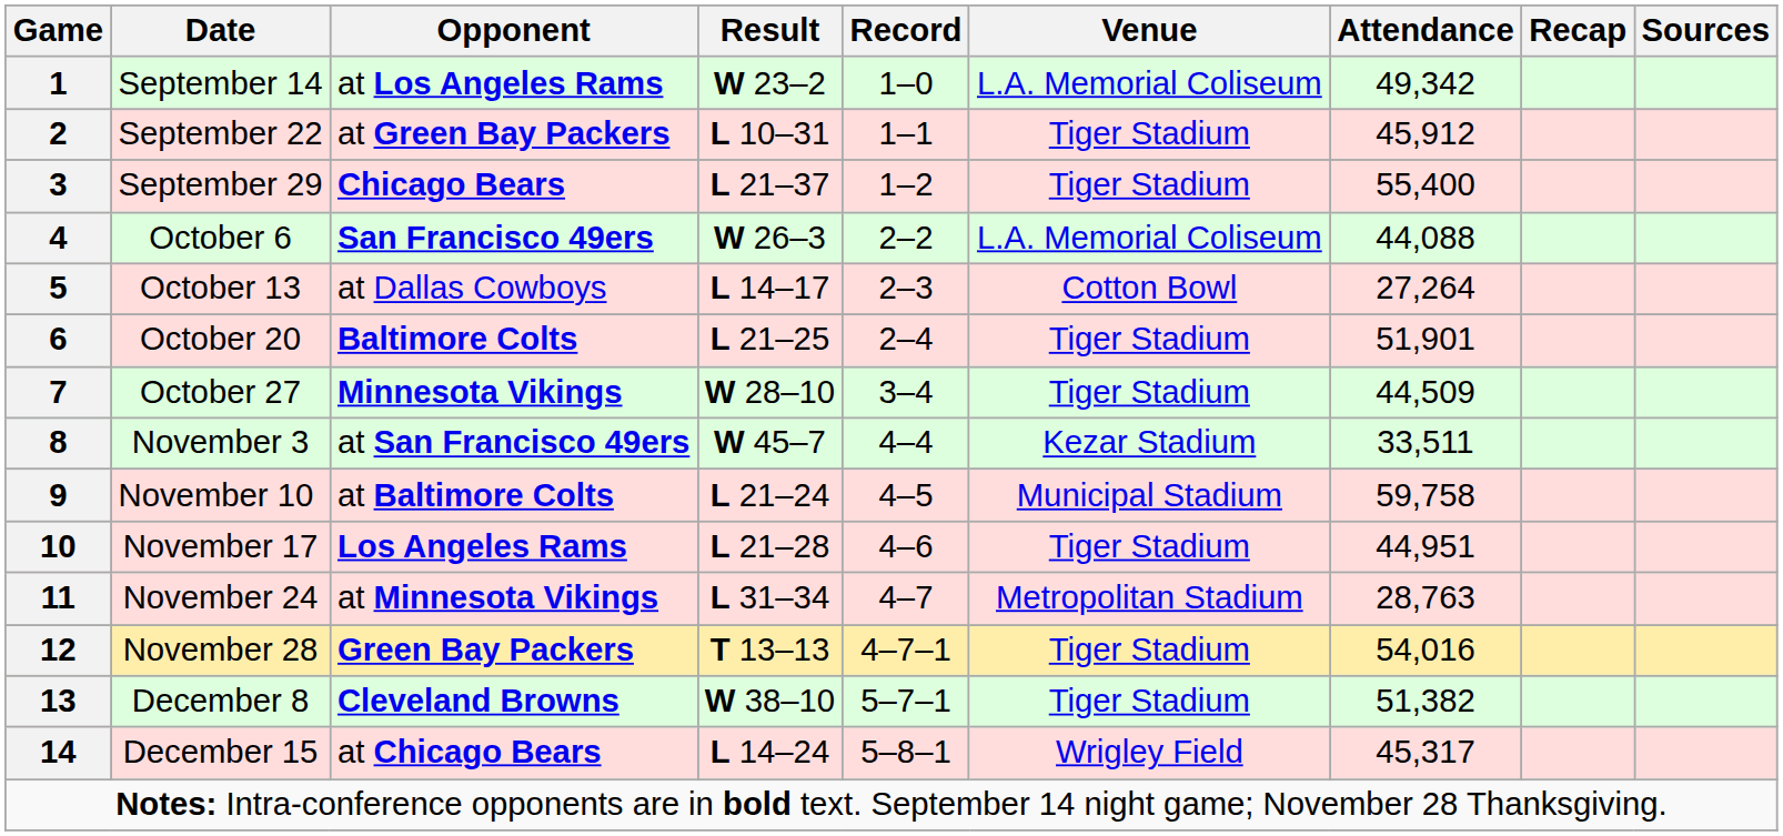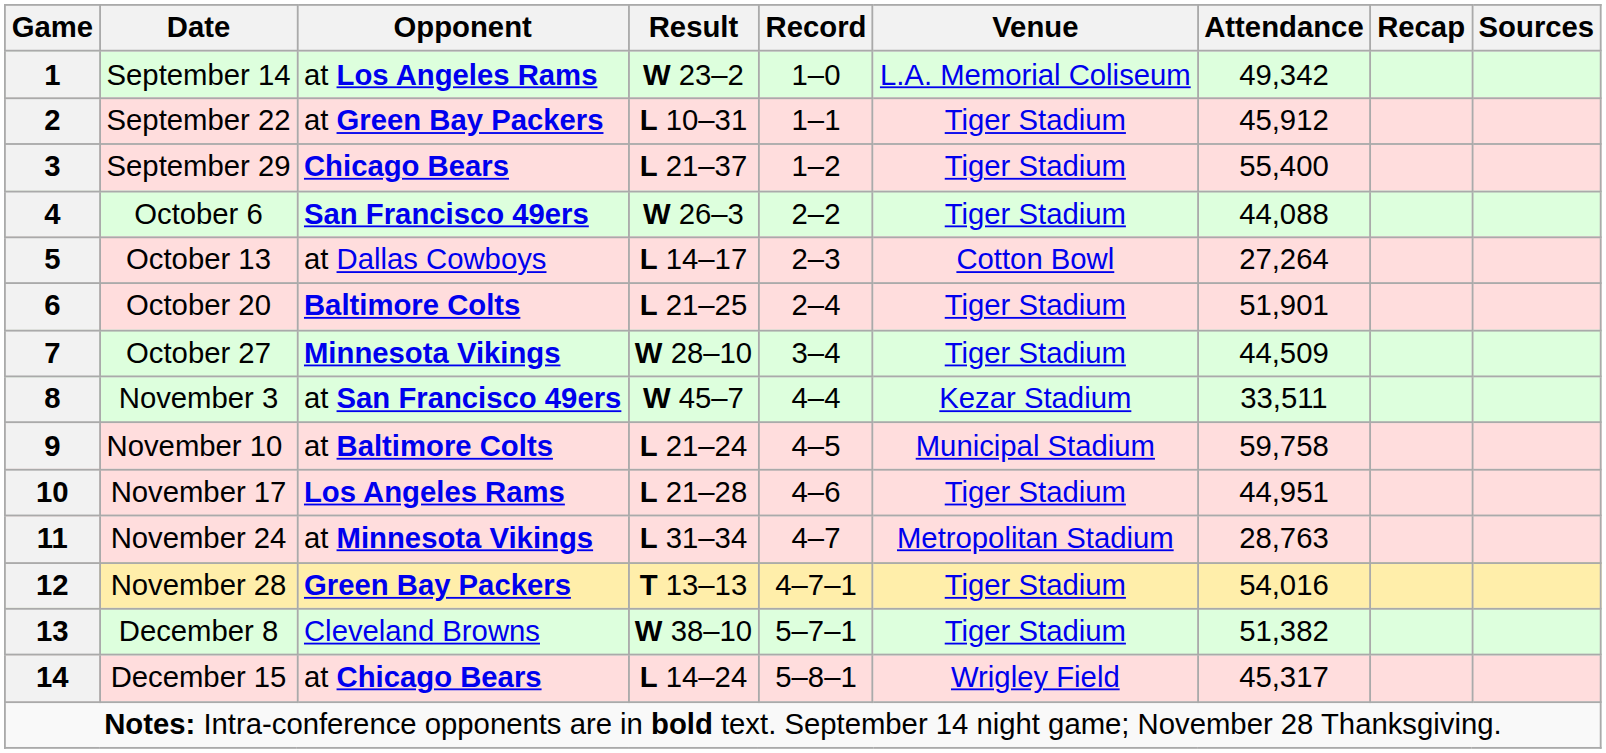 <table class="wikitable" style="text-align:center">
 <tr>
 <th>Game</th>
 <th>Date</th>
 <th>Opponent</th>
 <th>Result</th>
 <th>Record</th>
 <th>Venue</th>
 <th>Attendance</th>
 <th>Recap</th>
 <th>Sources</th>
 </tr>
 <tr style="background: #ddffdd;">
 <th>1</th>
 <td>September 14</td>
 <td style="text-align: left;">at <strong><a href='#'>Los Angeles Rams</a></strong></td>
 <td><strong>W</strong> 23–2</td>
 <td>1–0</td>
 <td><a href='#'>L.A. Memorial Coliseum</a></td>
 <td>49,342</td>
 <td></td>
 <td></td>
 </tr>
 <tr style="background: #ffdddd;">
 <th>2</th>
 <td>September 22</td>
 <td style="text-align: left;">at <strong><a href='#'>Green Bay Packers</a></strong></td>
 <td><strong>L</strong> 10–31</td>
 <td>1–1</td>
 <td><a href='#'>Tiger Stadium</a></td>
 <td>45,912</td>
 <td></td>
 <td></td>
 </tr>
 <tr style="background: #ffdddd;">
 <th>3</th>
 <td>September 29</td>
 <td style="text-align: left;"><strong><a href='#'>Chicago Bears</a></strong></td>
 <td><strong>L</strong> 21–37</td>
 <td>1–2</td>
 <td><a href='#'>Tiger Stadium</a></td>
 <td>55,400</td>
 <td></td>
 <td></td>
 </tr>
 <tr style="background: #ddffdd;">
 <th>4</th>
 <td>October 6</td>
 <td style="text-align: left;"><strong><a href='#'>San Francisco 49ers</a></strong></td>
 <td><strong>W</strong> 26–3</td>
 <td>2–2</td>
-<td><a href='#'>L.A. Memorial Coliseum</a></td>
+<td><a href='#'>Tiger Stadium</a></td>
 <td>44,088</td>
 <td></td>
 <td></td>
 </tr>
 <tr style="background: #ffdddd;">
 <th>5</th>
 <td>October 13</td>
 <td style="text-align: left;">at <a href='#'>Dallas Cowboys</a></td>
 <td><strong>L</strong> 14–17</td>
 <td>2–3</td>
 <td><a href='#'>Cotton Bowl</a></td>
 <td>27,264</td>
 <td></td>
 <td></td>
 </tr>
 <tr style="background: #ffdddd;">
 <th>6</th>
 <td>October 20</td>
 <td style="text-align: left;"><strong><a href='#'>Baltimore Colts</a></strong></td>
 <td><strong>L</strong> 21–25</td>
 <td>2–4</td>
 <td><a href='#'>Tiger Stadium</a></td>
 <td>51,901</td>
 <td></td>
 <td></td>
 </tr>
 <tr style="background: #ddffdd;">
 <th>7</th>
 <td>October 27</td>
 <td style="text-align: left;"><strong><a href='#'>Minnesota Vikings</a></strong></td>
 <td><strong>W</strong> 28–10</td>
 <td align=center>3–4</td>
 <td><a href='#'>Tiger Stadium</a></td>
 <td>44,509</td>
 <td></td>
 <td></td>
 </tr>
 <tr style="background: #ddffdd;">
 <th>8</th>
 <td>November 3</td>
 <td style="text-align: left;">at <strong><a href='#'>San Francisco 49ers</a></strong></td>
 <td><strong>W</strong> 45–7</td>
 <td>4–4</td>
 <td><a href='#'>Kezar Stadium</a></td>
 <td>33,511</td>
 <td></td>
 <td></td>
 </tr>
 <tr style="background: #ffdddd;">
 <th>9</th>
 <td style="text-align: left;">November 10</td>
 <td style="text-align: left;">at <strong><a href='#'>Baltimore Colts</a></strong></td>
 <td><strong>L</strong> 21–24</td>
 <td>4–5</td>
 <td><a href='#'>Municipal Stadium</a></td>
 <td>59,758</td>
 <td></td>
 <td></td>
 </tr>
 <tr style="background: #ffdddd;">
 <th>10</th>
 <td>November 17</td>
 <td style="text-align: left;"><strong><a href='#'>Los Angeles Rams</a></strong></td>
 <td><strong>L</strong> 21–28</td>
 <td>4–6</td>
 <td><a href='#'>Tiger Stadium</a></td>
 <td>44,951</td>
 <td></td>
 <td></td>
 </tr>
 <tr style="background: #ffdddd;">
 <th>11</th>
 <td>November 24</td>
 <td style="text-align: left;">at <strong><a href='#'>Minnesota Vikings</a></strong></td>
 <td><strong>L</strong> 31–34</td>
 <td>4–7</td>
 <td><a href='#'>Metropolitan Stadium</a></td>
 <td>28,763</td>
 <td></td>
 <td></td>
 </tr>
 <tr style="background: #ffeeaa;">
 <th>12</th>
 <td>November 28</td>
 <td style="text-align: left;"><strong><a href='#'>Green Bay Packers</a></strong></td>
 <td><strong>T</strong> 13–13</td>
 <td>4–7–1</td>
 <td><a href='#'>Tiger Stadium</a></td>
 <td>54,016</td>
 <td></td>
 <td></td>
 </tr>
 <tr style="background: #ddffdd;">
 <th>13</th>
 <td>December 8</td>
-<td style="text-align: left;"><strong><a href='#'>Cleveland Browns</a></strong></td>
+<td style="text-align: left;"><a href='#'>Cleveland Browns</a></td>
 <td><strong>W</strong> 38–10</td>
 <td>5–7–1</td>
 <td><a href='#'>Tiger Stadium</a></td>
 <td>51,382</td>
 <td></td>
 <td></td>
 </tr>
 <tr style="background: #ffdddd;">
 <th>14</th>
 <td>December 15</td>
 <td style="text-align: left;">at <strong><a href='#'>Chicago Bears</a></strong></td>
 <td><strong>L</strong> 14–24</td>
 <td>5–8–1</td>
 <td><a href='#'>Wrigley Field</a></td>
 <td>45,317</td>
 <td></td>
 <td></td>
 </tr>
 <tr>
 <td colspan="10"><strong>Notes:</strong> Intra-conference opponents are in <strong>bold</strong> text. September 14 night game; November 28 Thanksgiving.</td>
 </tr>
 </table>
